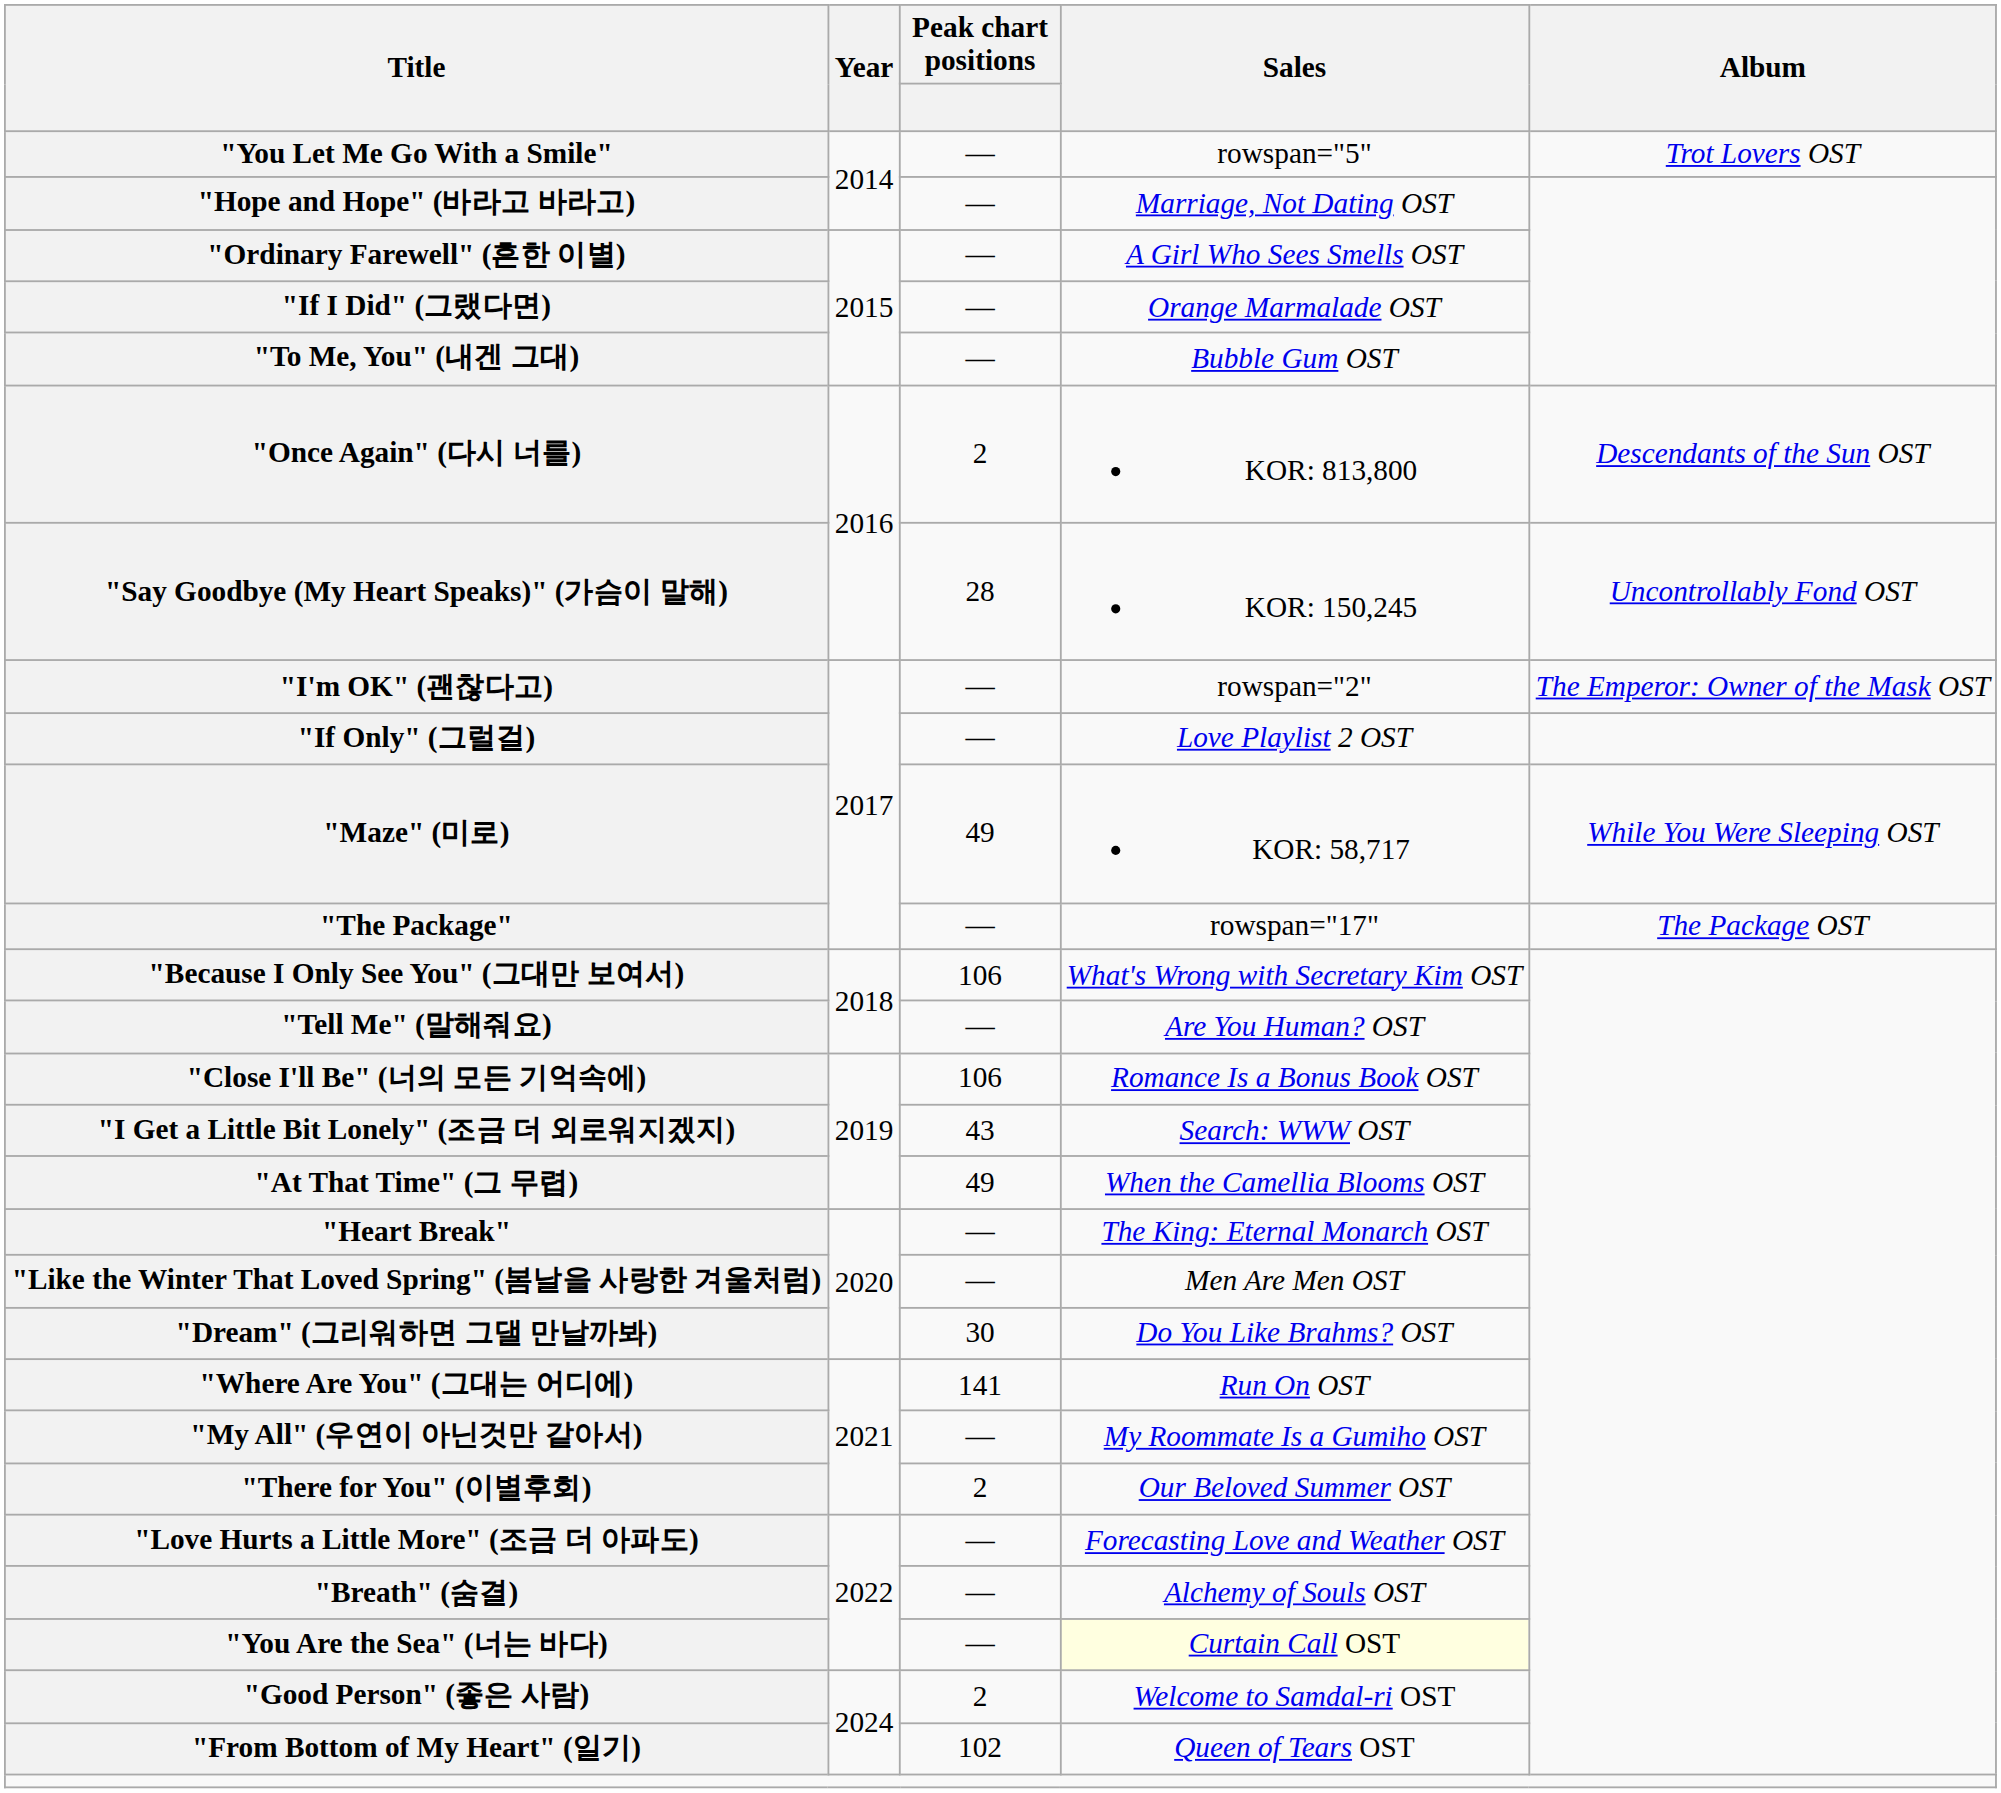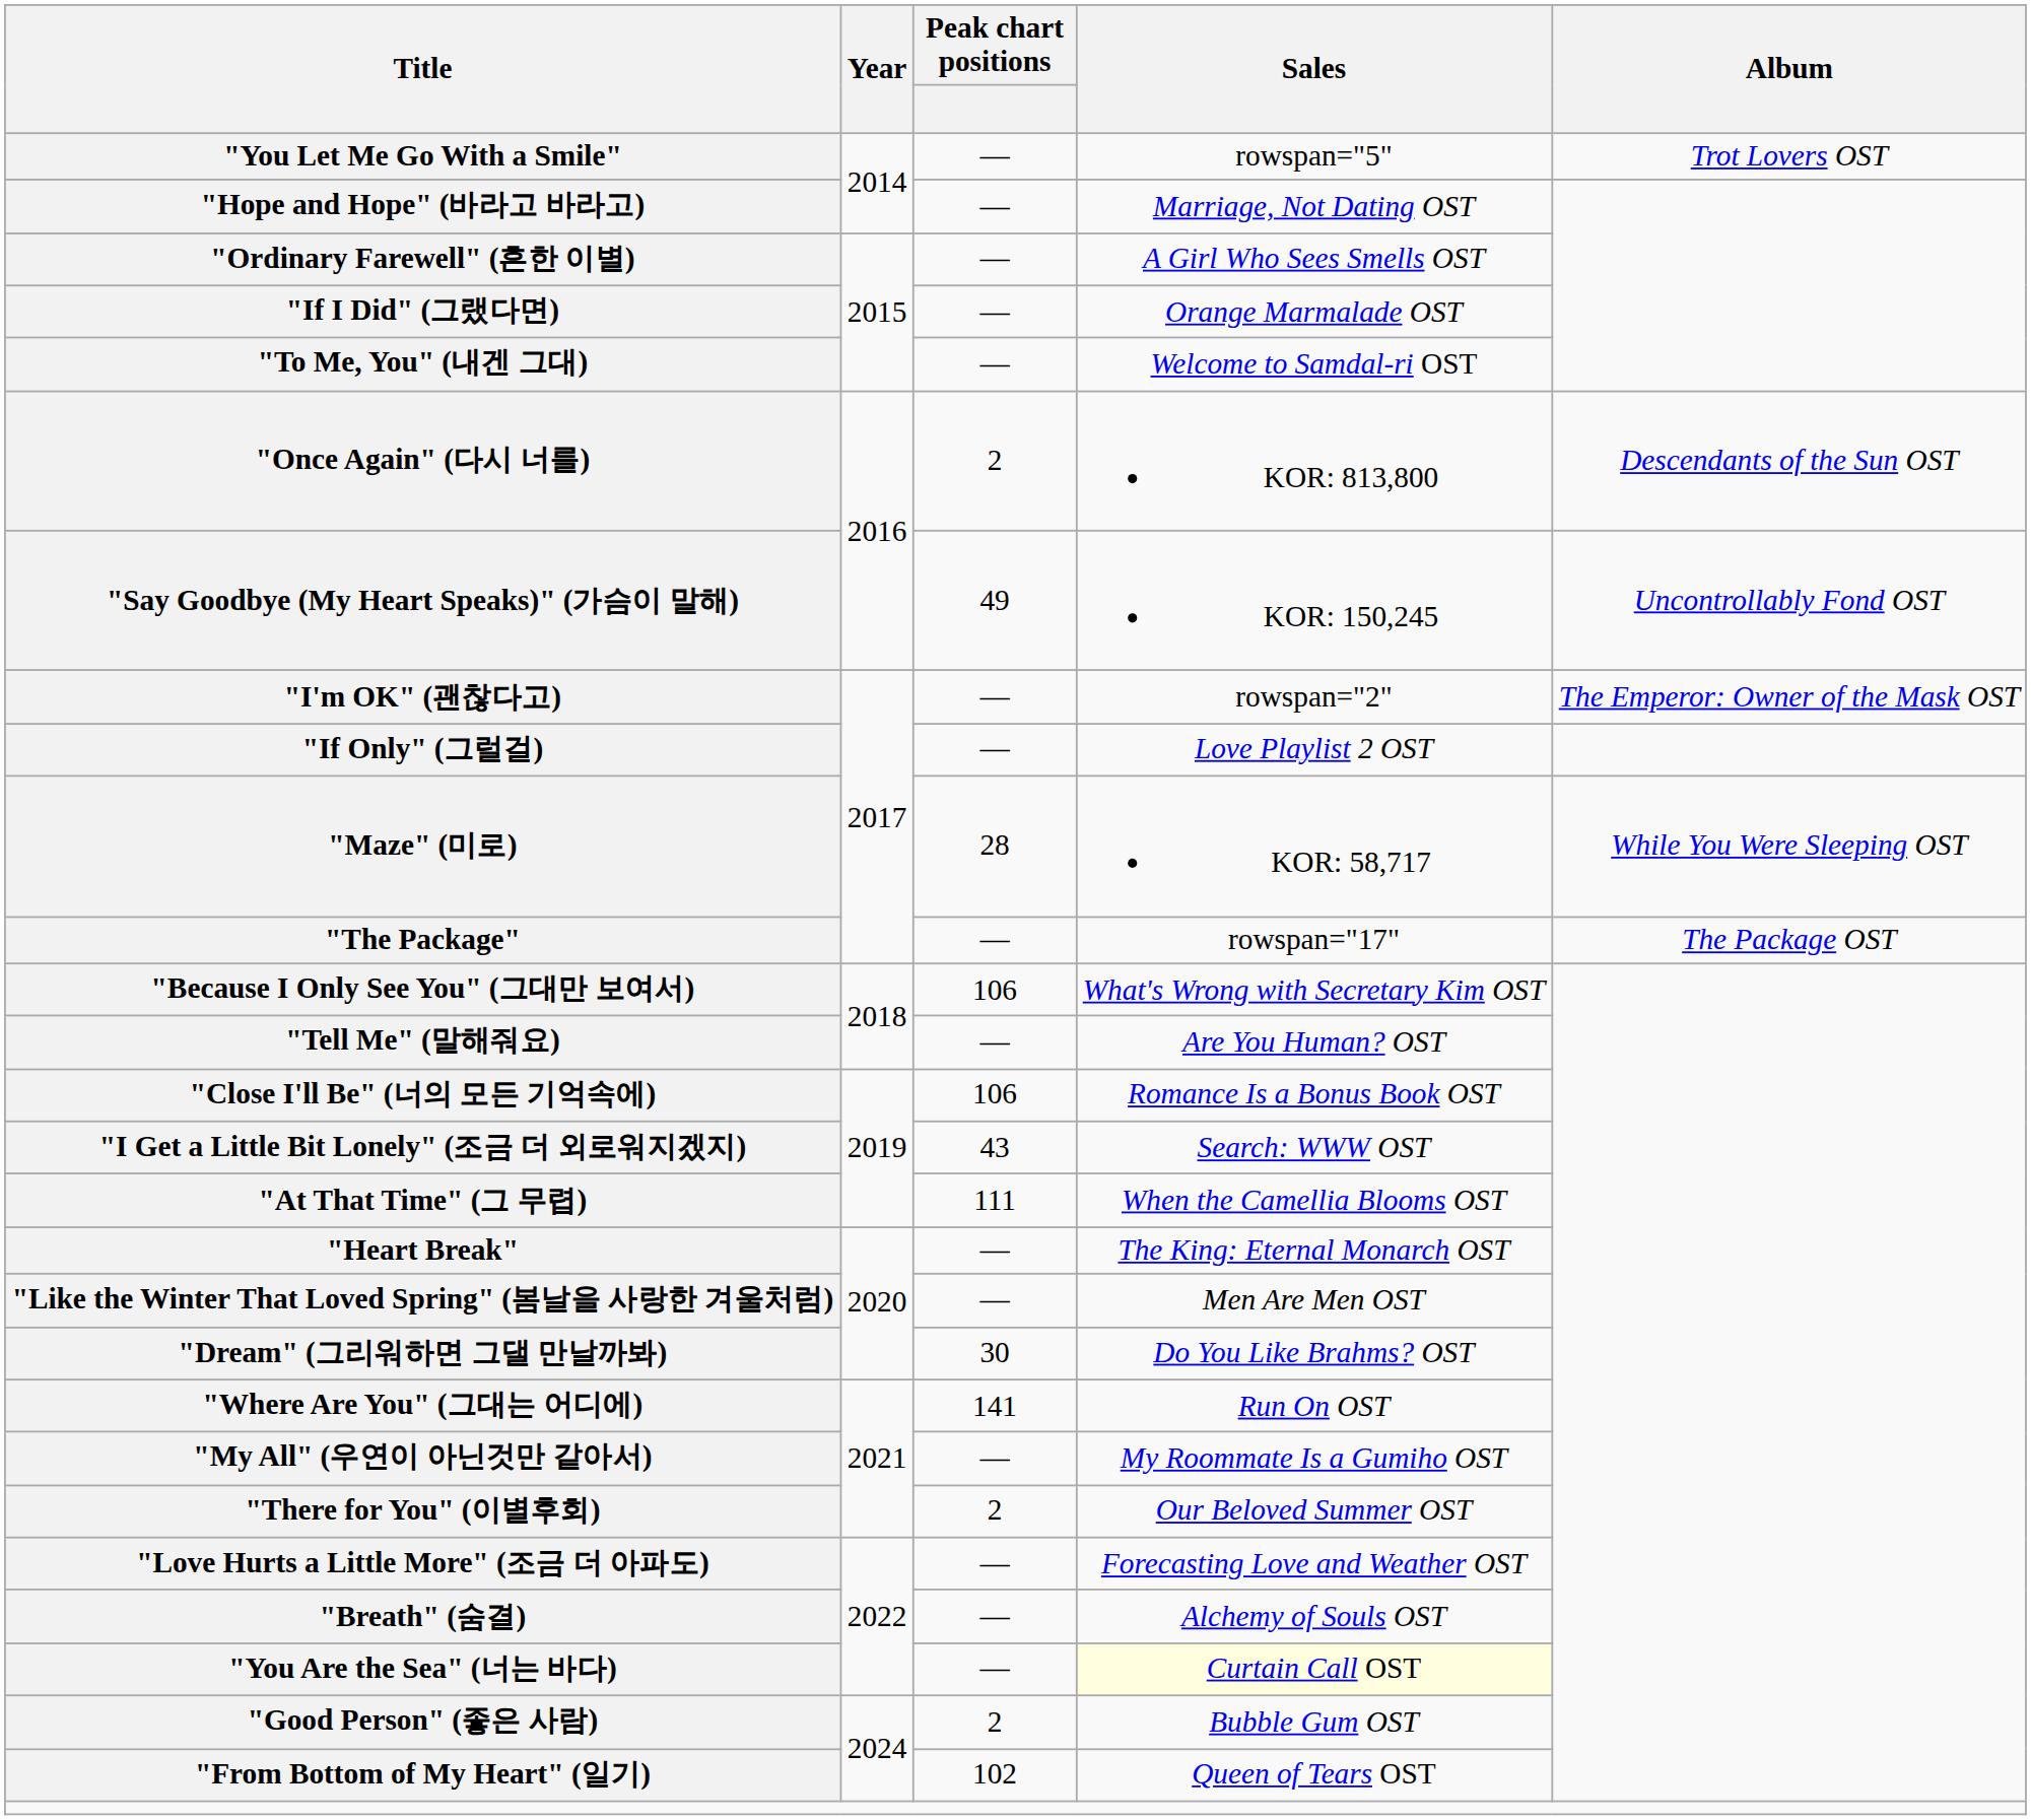 <table class="wikitable plainrowheaders" style="text-align:center">
 <tr>
 <th scope="col" rowspan="2">Title</th>
 <th scope="col" rowspan="2">Year</th>
 <th scope="col" colspan="1" style="width:5em">Peak chart positions</th>
 <th scope="col" rowspan="2">Sales</th>
 <th scope="col" rowspan="2">Album</th>
 </tr>
 <tr>
 <th><br></th>
 </tr>
 <tr>
 <th scope="row">"You Let Me Go With a Smile"<br></th>
 <td rowspan="2">2014</td>
 <td>—</td>
 <td>rowspan="5" </td>
 <td><em><a href='#'>Trot Lovers</a> OST</em></td>
 </tr>
 <tr>
 <th scope="row">"Hope and Hope" (바라고 바라고)</th>
 <td>—</td>
 <td><em><a href='#'>Marriage, Not Dating</a> OST</em></td>
 </tr>
 <tr>
 <th scope="row">"Ordinary Farewell" (흔한 이별)<br></th>
 <td rowspan="3">2015</td>
 <td>—</td>
 <td><em><a href='#'>A Girl Who Sees Smells</a> OST</em></td>
 </tr>
 <tr>
 <th scope="row">"If I Did" (그랬다면)</th>
 <td>—</td>
 <td><em><a href='#'>Orange Marmalade</a> OST</em></td>
 </tr>
 <tr>
 <th scope="row">"To Me, You" (내겐 그대)</th>
 <td>—</td>
-<td><em><a href='#'>Bubble Gum</a> OST</em></td>
+<td><em><a href='#'>Welcome to Samdal-ri</a></em> OST</td>
 </tr>
 <tr>
 <th scope="row">"Once Again" (다시 너를)<br></th>
 <td rowspan="2">2016</td>
 <td>2</td>
 <td><br><ul><li>KOR: 813,800</li></ul></td>
 <td><em><a href='#'>Descendants of the Sun</a> OST</em></td>
 </tr>
 <tr>
 <th scope="row">"Say Goodbye (My Heart Speaks)" (가슴이 말해)</th>
-<td>28</td>
+<td>49</td>
 <td><br><ul><li>KOR: 150,245</li></ul></td>
 <td><em><a href='#'>Uncontrollably Fond</a> OST</em></td>
 </tr>
 <tr>
 <th scope="row">"I'm OK" (괜찮다고)</th>
 <td rowspan="4">2017</td>
 <td>—</td>
 <td>rowspan="2" </td>
 <td><em><a href='#'>The Emperor: Owner of the Mask</a> OST</em></td>
 </tr>
 <tr>
 <th scope="row">"If Only" (그럴걸)</th>
 <td>—</td>
 <td><em><a href='#'>Love Playlist</a> 2 OST</em></td>
 </tr>
 <tr>
 <th scope="row">"Maze" (미로)</th>
-<td>49</td>
+<td>28</td>
 <td><br><ul><li>KOR: 58,717</li></ul></td>
 <td><em><a href='#'>While You Were Sleeping</a> OST</em></td>
 </tr>
 <tr>
 <th scope="row">"The Package"<br></th>
 <td>—</td>
 <td>rowspan="17" </td>
 <td><em><a href='#'>The Package</a> OST</em></td>
 </tr>
 <tr>
 <th scope="row">"Because I Only See You" (그대만 보여서)</th>
 <td rowspan="2">2018</td>
 <td>106</td>
 <td><em><a href='#'>What's Wrong with Secretary Kim</a> OST</em></td>
 </tr>
 <tr>
 <th scope="row">"Tell Me" (말해줘요)</th>
 <td>—</td>
 <td><em><a href='#'>Are You Human?</a> OST</em></td>
 </tr>
 <tr>
 <th scope="row">"Close I'll Be" (너의 모든 기억속에)</th>
 <td rowspan="3">2019</td>
 <td>106</td>
 <td><em><a href='#'>Romance Is a Bonus Book</a> OST</em></td>
 </tr>
 <tr>
 <th scope="row">"I Get a Little Bit Lonely" (조금 더 외로워지겠지)</th>
 <td>43</td>
 <td><em><a href='#'>Search: WWW</a> OST</em></td>
 </tr>
 <tr>
 <th scope="row">"At That Time" (그 무렵)</th>
-<td>49</td>
+<td>111</td>
 <td><em><a href='#'>When the Camellia Blooms</a> OST</em></td>
 </tr>
 <tr>
 <th scope="row">"Heart Break"<br></th>
 <td rowspan="3">2020</td>
 <td>—</td>
 <td><em><a href='#'>The King: Eternal Monarch</a> OST</em></td>
 </tr>
 <tr>
 <th scope="row">"Like the Winter That Loved Spring" (봄날을 사랑한 겨울처럼)</th>
 <td>—</td>
 <td><em>Men Are Men OST</em></td>
 </tr>
 <tr>
 <th scope="row">"Dream" (그리워하면 그댈 만날까봐)</th>
 <td>30</td>
 <td><em><a href='#'>Do You Like Brahms?</a> OST</em></td>
 </tr>
 <tr>
 <th scope="row">"Where Are You" (그대는 어디에)</th>
 <td rowspan="3">2021</td>
 <td>141</td>
 <td><em><a href='#'>Run On</a> OST</em></td>
 </tr>
 <tr>
 <th scope="row">"My All" (우연이 아닌것만 같아서)</th>
 <td>—</td>
 <td><em><a href='#'>My Roommate Is a Gumiho</a> OST</em></td>
 </tr>
 <tr>
 <th scope="row">"There for You" (이별후회)</th>
 <td>2</td>
 <td><em><a href='#'>Our Beloved Summer</a> OST</em></td>
 </tr>
 <tr>
 <th scope="row">"Love Hurts a Little More" (조금 더 아파도)</th>
 <td rowspan="3">2022</td>
 <td>—</td>
 <td><em><a href='#'>Forecasting Love and Weather</a> OST</em></td>
 </tr>
 <tr>
 <th scope="row">"Breath" (숨결) </th>
 <td>—</td>
 <td><em><a href='#'>Alchemy of Souls</a> OST</em></td>
 </tr>
 <tr>
 <th scope="row">"You Are the Sea" (너는 바다)</th>
 <td>—</td>
 <td style="background: lightyellow;"><em><a href='#'>Curtain Call</a></em> OST</td>
 </tr>
 <tr>
 <th scope="row">"Good Person" (좋은 사람)</th>
 <td rowspan="2">2024</td>
 <td>2</td>
-<td><em><a href='#'>Welcome to Samdal-ri</a></em> OST</td>
+<td><em><a href='#'>Bubble Gum</a> OST</em></td>
 </tr>
 <tr>
 <th scope="row">"From Bottom of My Heart" (일기)</th>
 <td>102</td>
 <td><em><a href='#'>Queen of Tears</a></em> OST</td>
 </tr>
 <tr>
 <td colspan="5"></td>
 </tr>
 </table>
